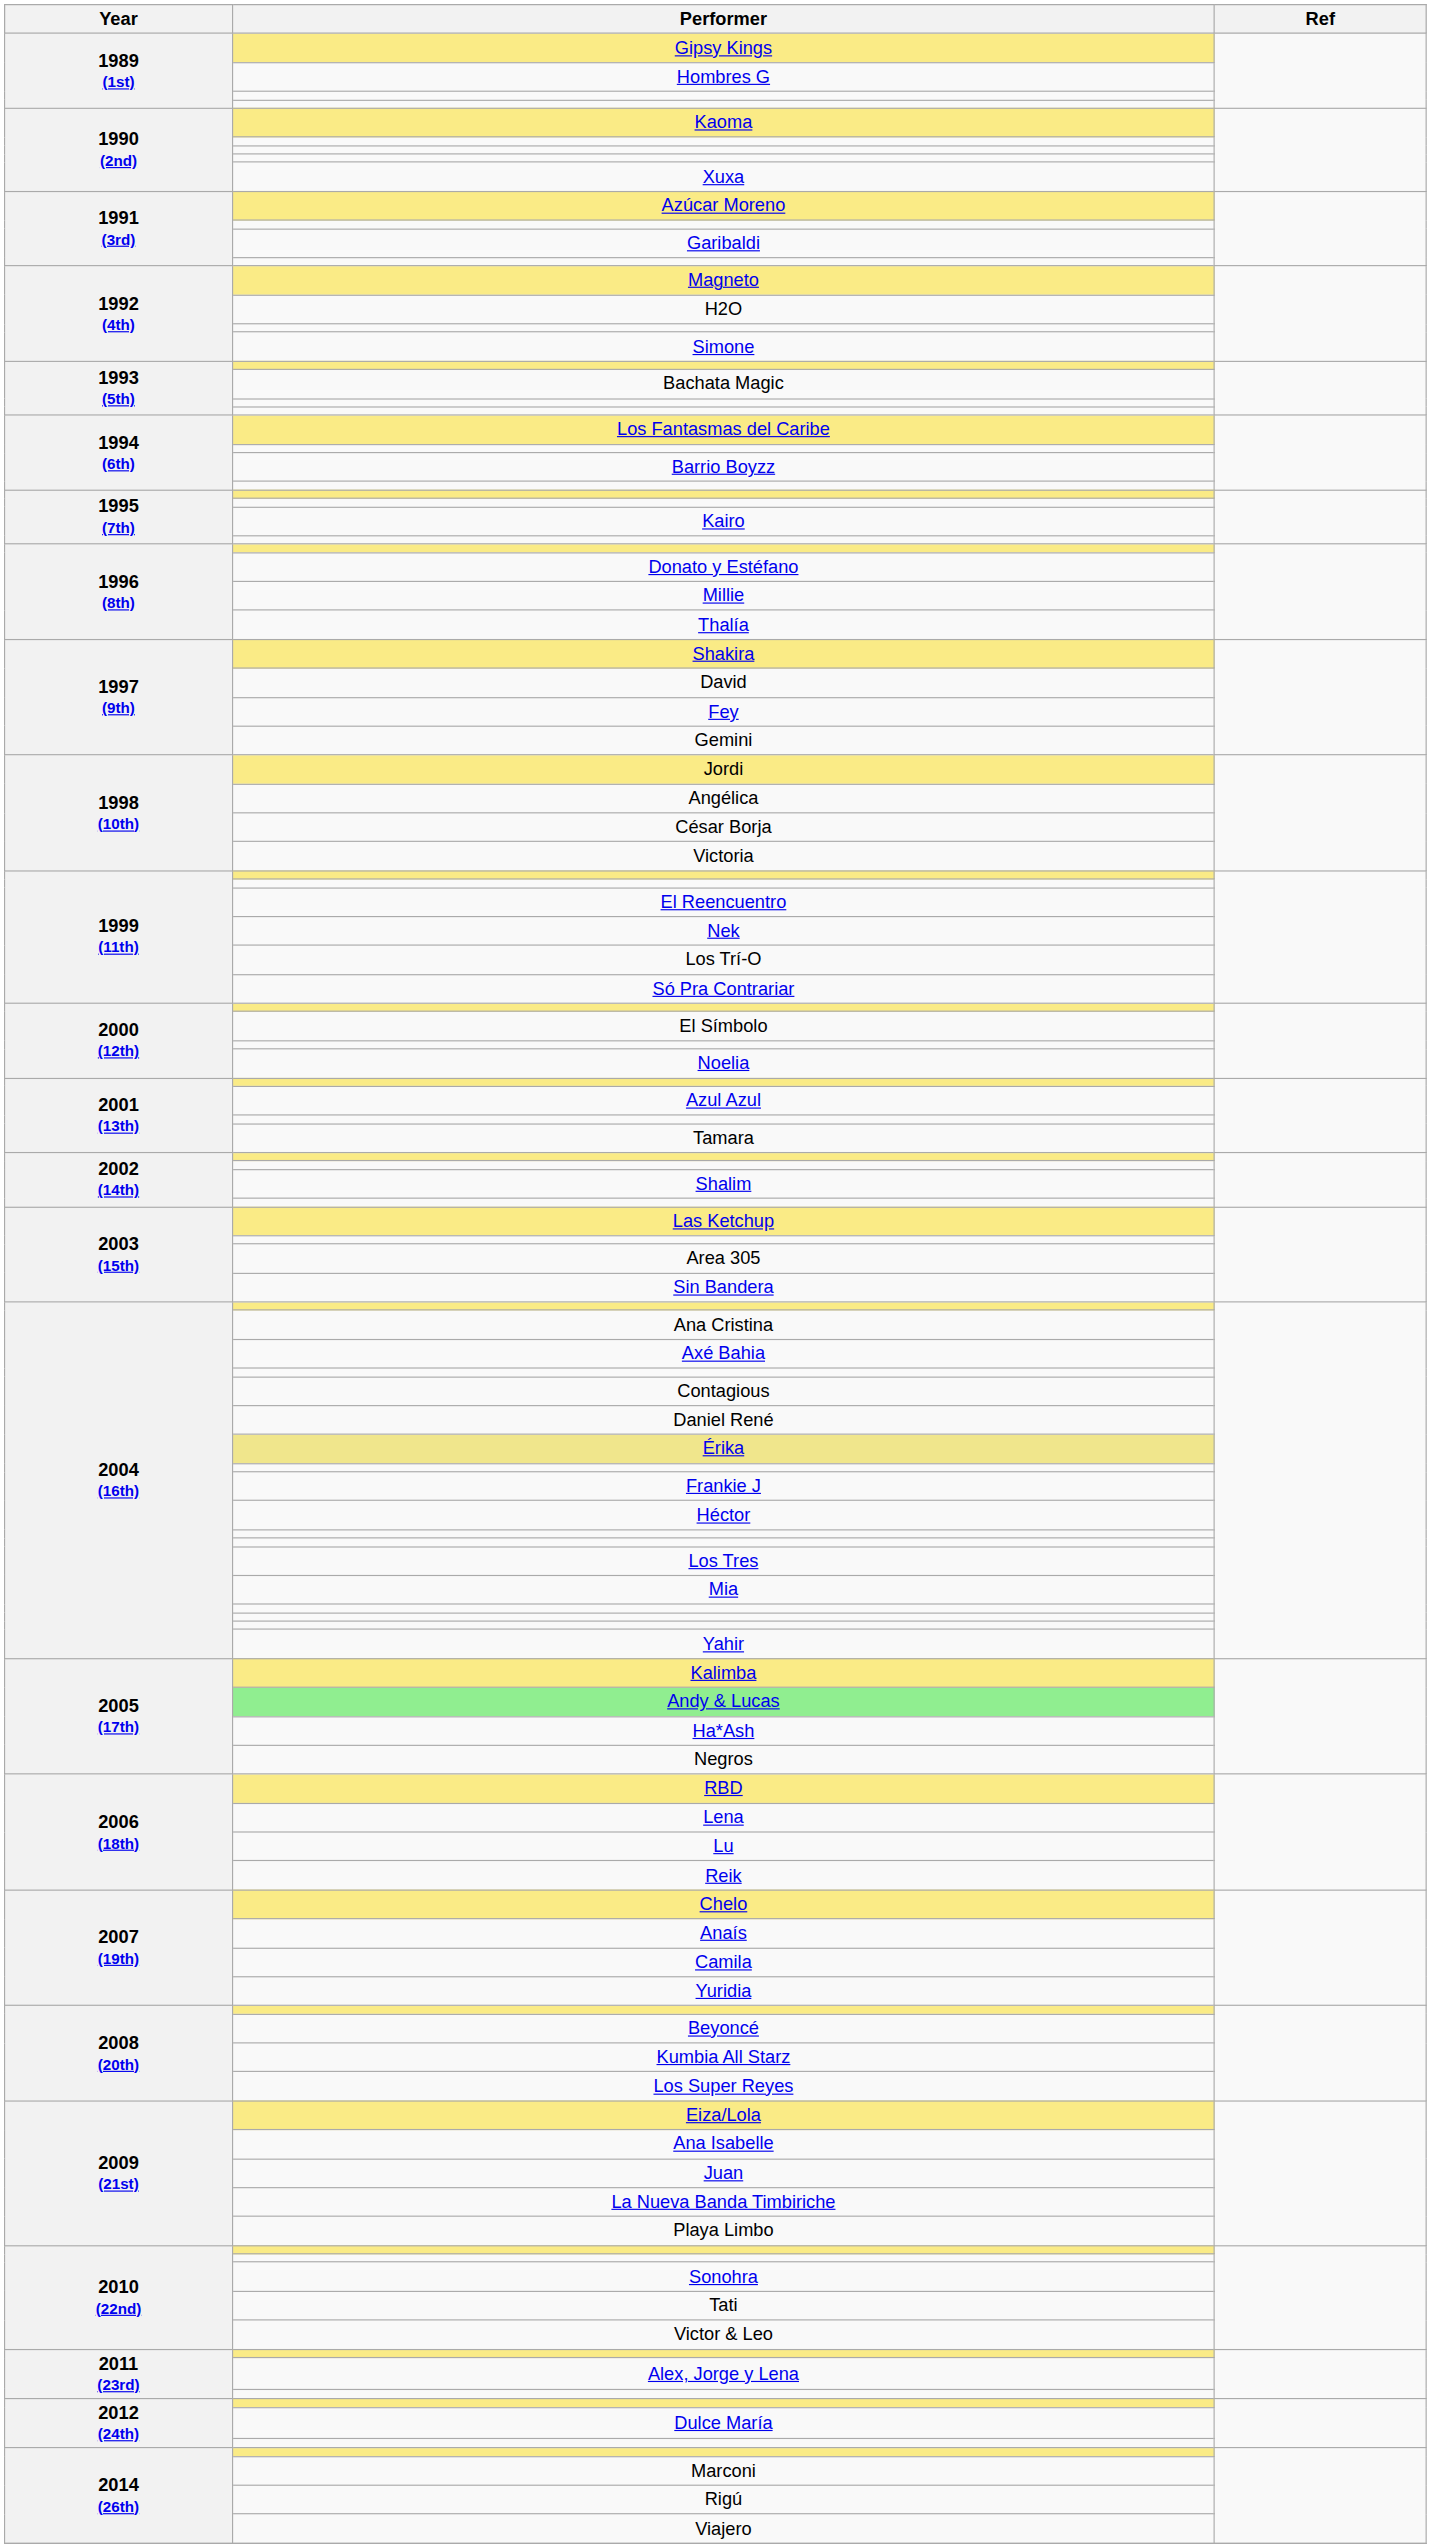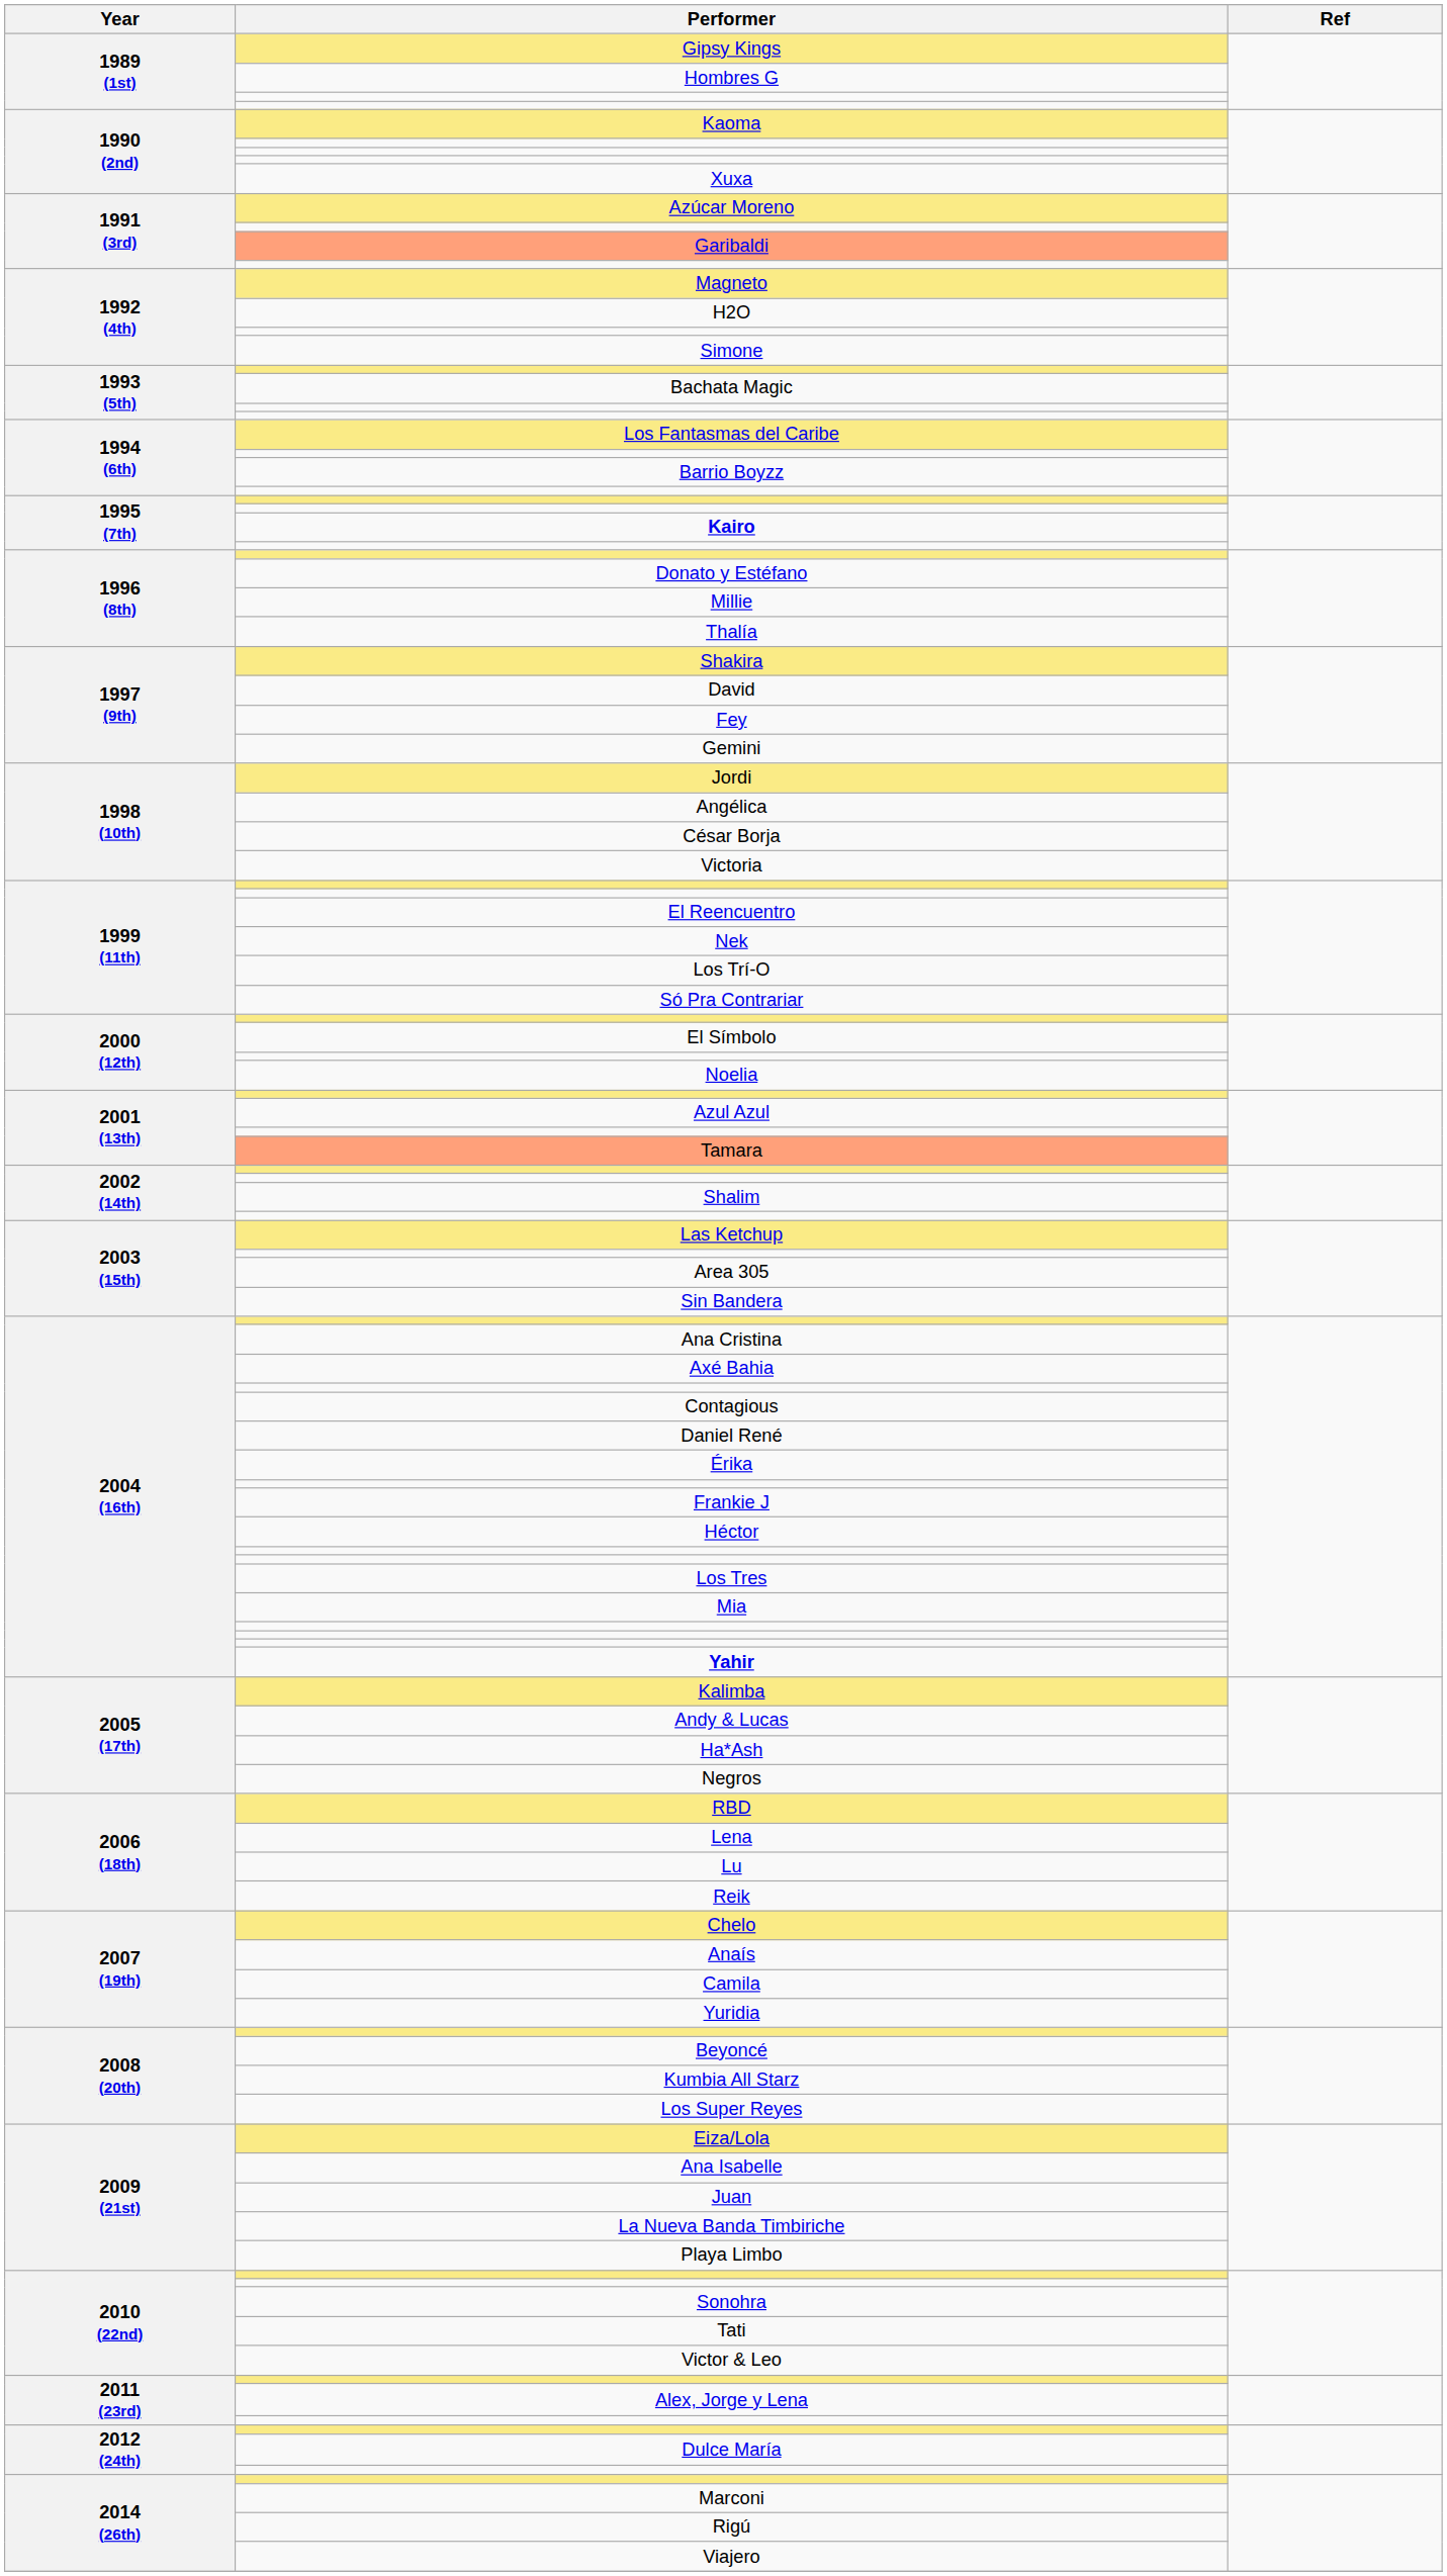 <table class="wikitable sortable" style="text-align:center">
 <tr style="background:#bebebe;">
 <th scope="col" style="width:1%;">Year</th>
 <th scope="col" style="width:5%;">Performer</th>
 <th scope="col" style="width:1%;" class="unsortable">Ref</th>
 </tr>
 <tr>
 <th scope="row"  rowspan=4>1989 <br><small><a href='#'>(1st)</a></small></th>
 <td style="background:#FAEB86"><a href='#'>Gipsy Kings</a></td>
 <td rowspan=4></td>
 </tr>
 <tr>
 <td><a href='#'>Hombres G</a></td>
 </tr>
 <tr>
 <td></td>
 </tr>
 <tr>
 <td></td>
 </tr>
 <tr>
 <th scope="row" rowspan=5>1990 <br><small><a href='#'>(2nd)</a></small></th>
 <td style="background:#FAEB86"><a href='#'>Kaoma</a></td>
 <td rowspan=5></td>
 </tr>
 <tr>
 <td></td>
 </tr>
 <tr>
 <td></td>
 </tr>
 <tr>
 <td></td>
 </tr>
 <tr>
 <td><a href='#'>Xuxa</a></td>
 </tr>
 <tr>
 <th scope="row" rowspan=4>1991 <br><small><a href='#'>(3rd)</a></small></th>
 <td style="background:#FAEB86"><a href='#'>Azúcar Moreno</a></td>
 <td rowspan=4></td>
 </tr>
 <tr>
 <td></td>
 </tr>
 <tr>
-<td><a href='#'>Garibaldi</a></td>
+<td style="background: lightsalmon;"><a href='#'>Garibaldi</a></td>
 </tr>
 <tr>
 <td></td>
 </tr>
 <tr>
 <th scope="row"  rowspan=4>1992 <br><small><a href='#'>(4th)</a></small></th>
 <td style="background:#FAEB86"><a href='#'>Magneto</a></td>
 <td rowspan=4></td>
 </tr>
 <tr>
 <td>H2O</td>
 </tr>
 <tr>
 <td></td>
 </tr>
 <tr>
 <td><a href='#'>Simone</a></td>
 </tr>
 <tr>
 <th scope="row"  rowspan=4>1993 <br><small><a href='#'>(5th)</a></small></th>
 <td style="background:#FAEB86"></td>
 <td rowspan=4></td>
 </tr>
 <tr>
 <td>Bachata Magic</td>
 </tr>
 <tr>
 <td></td>
 </tr>
 <tr>
 <td></td>
 </tr>
 <tr>
 <th scope="row" rowspan=4>1994 <br><small><a href='#'>(6th)</a></small></th>
 <td style="background:#FAEB86"><a href='#'>Los Fantasmas del Caribe</a></td>
 <td rowspan=4></td>
 </tr>
 <tr>
 <td></td>
 </tr>
 <tr>
 <td><a href='#'>Barrio Boyzz</a></td>
 </tr>
 <tr>
 <td></td>
 </tr>
 <tr>
 <th scope="row"  rowspan=4>1995 <br><small><a href='#'>(7th)</a></small></th>
 <td style="background:#FAEB86"></td>
 <td rowspan=4></td>
 </tr>
 <tr>
 <td></td>
 </tr>
 <tr>
-<td><a href='#'>Kairo</a></td>
+<td><strong><a href='#'>Kairo</a></strong></td>
 </tr>
 <tr>
 <td></td>
 </tr>
 <tr>
 <th scope="row"  rowspan=4>1996 <br><small><a href='#'>(8th)</a></small></th>
 <td style="background:#FAEB86"></td>
 <td rowspan=4></td>
 </tr>
 <tr>
 <td><a href='#'>Donato y Estéfano</a></td>
 </tr>
 <tr>
 <td><a href='#'>Millie</a></td>
 </tr>
 <tr>
 <td><a href='#'>Thalía</a></td>
 </tr>
 <tr>
 <th scope="row" rowspan=4>1997 <br><small><a href='#'>(9th)</a></small></th>
 <td style="background:#FAEB86"><a href='#'>Shakira</a></td>
 <td rowspan=4></td>
 </tr>
 <tr>
 <td>David</td>
 </tr>
 <tr>
 <td><a href='#'>Fey</a></td>
 </tr>
 <tr>
 <td>Gemini</td>
 </tr>
 <tr>
 <th scope="row" rowspan=4>1998 <br><small><a href='#'>(10th)</a></small></th>
 <td style="background:#FAEB86">Jordi</td>
 <td rowspan=4></td>
 </tr>
 <tr>
 <td>Angélica</td>
 </tr>
 <tr>
 <td>César Borja</td>
 </tr>
 <tr>
 <td>Victoria</td>
 </tr>
 <tr>
 <th scope="row" rowspan=6>1999 <br><small><a href='#'>(11th)</a></small></th>
 <td style="background:#FAEB86"></td>
 <td rowspan=6></td>
 </tr>
 <tr>
 <td></td>
 </tr>
 <tr>
 <td><a href='#'>El Reencuentro</a></td>
 </tr>
 <tr>
 <td><a href='#'>Nek</a></td>
 </tr>
 <tr>
 <td>Los Trí-O</td>
 </tr>
 <tr>
 <td><a href='#'>Só Pra Contrariar</a></td>
 </tr>
 <tr>
 <th scope="row" rowspan=4>2000 <br><small><a href='#'>(12th)</a></small></th>
 <td style="background:#FAEB86"></td>
 <td rowspan=4></td>
 </tr>
 <tr>
 <td>El Símbolo</td>
 </tr>
 <tr>
 <td></td>
 </tr>
 <tr>
 <td><a href='#'>Noelia</a></td>
 </tr>
 <tr>
 <th scope="row" rowspan=4>2001 <br><small><a href='#'>(13th)</a></small></th>
 <td style="background:#FAEB86"></td>
 <td rowspan=4></td>
 </tr>
 <tr>
 <td><a href='#'>Azul Azul</a></td>
 </tr>
 <tr>
 <td></td>
 </tr>
 <tr>
-<td>Tamara</td>
+<td style="background: lightsalmon;">Tamara</td>
 </tr>
 <tr>
 <th scope="row" rowspan=4>2002 <br><small><a href='#'>(14th)</a></small></th>
 <td style="background:#FAEB86"></td>
 <td rowspan=4></td>
 </tr>
 <tr>
 <td></td>
 </tr>
 <tr>
 <td><a href='#'>Shalim</a></td>
 </tr>
 <tr>
 <td></td>
 </tr>
 <tr>
 <th scope="row" rowspan=4>2003 <br><small><a href='#'>(15th)</a></small></th>
 <td style="background:#FAEB86"><a href='#'>Las Ketchup</a></td>
 <td rowspan=4></td>
 </tr>
 <tr>
 <td></td>
 </tr>
 <tr>
 <td>Area 305</td>
 </tr>
 <tr>
 <td><a href='#'>Sin Bandera</a></td>
 </tr>
 <tr>
 <th scope="row" rowspan=18>2004 <br><small><a href='#'>(16th)</a></small></th>
 <td style="background:#FAEB86"></td>
 <td rowspan=18></td>
 </tr>
 <tr>
 <td>Ana Cristina</td>
 </tr>
 <tr>
 <td><a href='#'>Axé Bahia</a></td>
 </tr>
 <tr>
 <td></td>
 </tr>
 <tr>
 <td>Contagious</td>
 </tr>
 <tr>
 <td>Daniel René</td>
 </tr>
 <tr>
-<td style="background: khaki;"><a href='#'>Érika</a></td>
+<td><a href='#'>Érika</a></td>
 </tr>
 <tr>
 <td></td>
 </tr>
 <tr>
 <td><a href='#'>Frankie J</a></td>
 </tr>
 <tr>
 <td><a href='#'>Héctor</a></td>
 </tr>
 <tr>
 <td></td>
 </tr>
 <tr>
 <td></td>
 </tr>
 <tr>
 <td><a href='#'>Los Tres</a></td>
 </tr>
 <tr>
 <td><a href='#'>Mia</a></td>
 </tr>
 <tr>
 <td></td>
 </tr>
 <tr>
 <td></td>
 </tr>
 <tr>
 <td></td>
 </tr>
 <tr>
-<td><a href='#'>Yahir</a></td>
+<td><strong><a href='#'>Yahir</a></strong></td>
 </tr>
 <tr>
 <th scope="row" rowspan=4>2005 <br><small><a href='#'>(17th)</a></small></th>
 <td style="background:#FAEB86"><a href='#'>Kalimba</a></td>
 <td rowspan=4></td>
 </tr>
 <tr>
-<td style="background: lightgreen;"><a href='#'>Andy & Lucas</a></td>
+<td><a href='#'>Andy & Lucas</a></td>
 </tr>
 <tr>
 <td><a href='#'>Ha*Ash</a></td>
 </tr>
 <tr>
 <td>Negros</td>
 </tr>
 <tr>
 <th scope="row" rowspan=4>2006 <br><small><a href='#'>(18th)</a></small></th>
 <td style="background:#FAEB86"><a href='#'>RBD</a></td>
 <td rowspan=4></td>
 </tr>
 <tr>
 <td><a href='#'>Lena</a></td>
 </tr>
 <tr>
 <td><a href='#'>Lu</a></td>
 </tr>
 <tr>
 <td><a href='#'>Reik</a></td>
 </tr>
 <tr>
 <th scope="row" rowspan=4>2007 <br><small><a href='#'>(19th)</a></small></th>
 <td style="background:#FAEB86"><a href='#'>Chelo</a></td>
 <td rowspan=4></td>
 </tr>
 <tr>
 <td><a href='#'>Anaís</a></td>
 </tr>
 <tr>
 <td><a href='#'>Camila</a></td>
 </tr>
 <tr>
 <td><a href='#'>Yuridia</a></td>
 </tr>
 <tr>
 <th scope="row" rowspan=4>2008 <br><small><a href='#'>(20th)</a></small></th>
 <td style="background:#FAEB86"></td>
 <td rowspan=4></td>
 </tr>
 <tr>
 <td><a href='#'>Beyoncé</a></td>
 </tr>
 <tr>
 <td><a href='#'>Kumbia All Starz</a></td>
 </tr>
 <tr>
 <td><a href='#'>Los Super Reyes</a></td>
 </tr>
 <tr>
 <th scope="row" rowspan=5>2009 <br><small><a href='#'>(21st)</a></small></th>
 <td style="background:#FAEB86"><a href='#'>Eiza/Lola</a></td>
 <td rowspan=5></td>
 </tr>
 <tr>
 <td><a href='#'>Ana Isabelle</a></td>
 </tr>
 <tr>
 <td><a href='#'>Juan</a></td>
 </tr>
 <tr>
 <td><a href='#'>La Nueva Banda Timbiriche</a></td>
 </tr>
 <tr>
 <td>Playa Limbo</td>
 </tr>
 <tr>
 <th scope="row" rowspan=5>2010 <br><small><a href='#'>(22nd)</a></small></th>
 <td style="background:#FAEB86"></td>
 <td rowspan=5></td>
 </tr>
 <tr>
 <td></td>
 </tr>
 <tr>
 <td><a href='#'>Sonohra</a></td>
 </tr>
 <tr>
 <td>Tati</td>
 </tr>
 <tr>
 <td>Victor & Leo</td>
 </tr>
 <tr>
 <th scope="row" rowspan=3>2011 <br><small><a href='#'>(23rd)</a></small></th>
 <td style="background:#FAEB86"></td>
 <td rowspan=3></td>
 </tr>
 <tr>
 <td><a href='#'>Alex, Jorge y Lena</a></td>
 </tr>
 <tr>
 <td></td>
 </tr>
 <tr>
 <th scope="row" rowspan=3>2012 <br><small><a href='#'>(24th)</a></small></th>
 <td style="background:#FAEB86"></td>
 <td rowspan=3></td>
 </tr>
 <tr>
 <td><a href='#'>Dulce María</a></td>
 </tr>
 <tr>
 <td></td>
 </tr>
 <tr>
 <th scope="row" rowspan=4>2014 <br><small><a href='#'>(26th)</a></small></th>
 <td style="background:#FAEB86"></td>
 <td rowspan=4></td>
 </tr>
 <tr>
 <td>Marconi</td>
 </tr>
 <tr>
 <td>Rigú</td>
 </tr>
 <tr>
 <td>Viajero</td>
 </tr>
 <tr>
 </tr>
 </table>
